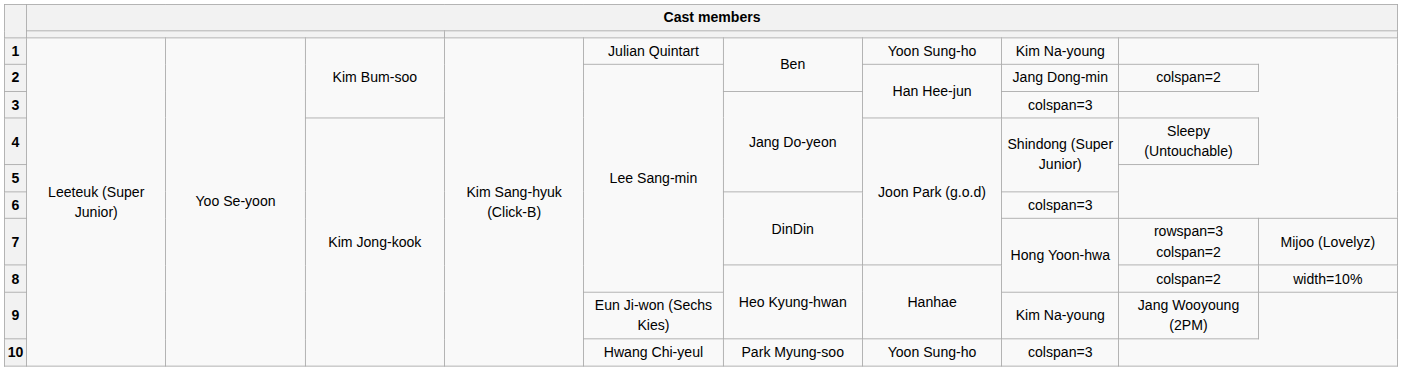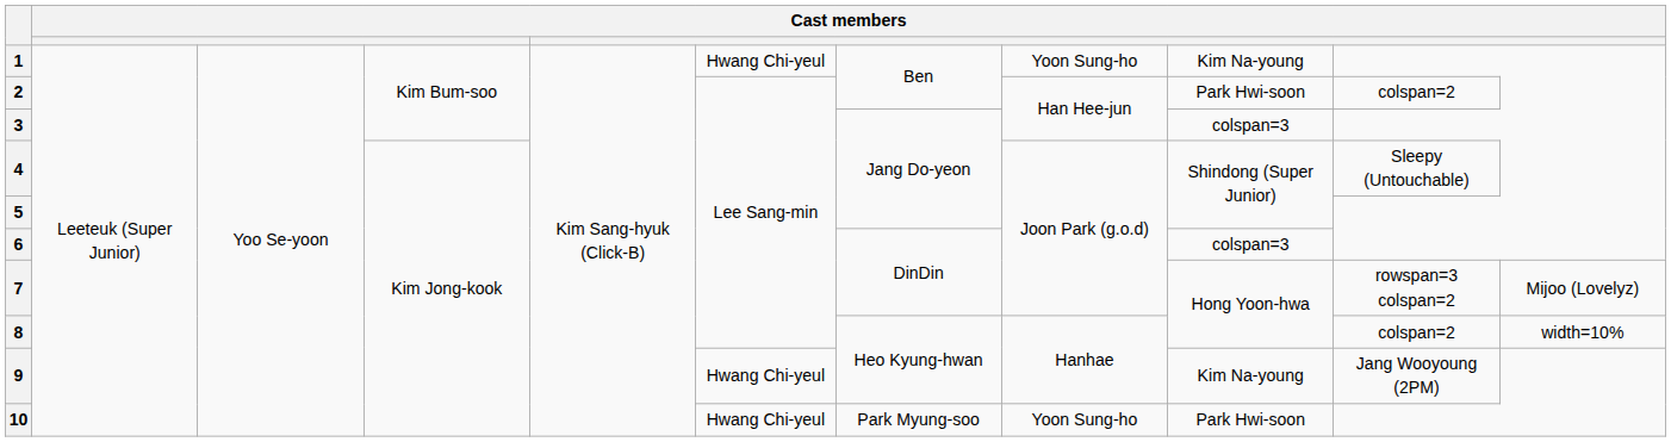 <table class="wikitable plainrowheaders" style="width:100%; text-align:center; line-height:23px;">
 <tr>
 <th rowspan=2 width=1%></th>
 <th colspan=10>Cast members </th>
 </tr>
 <tr>
 <th colspan=3></th>
 <th colspan=7></th>
 </tr>
 <tr>
 <th>1</th>
 <td rowspan=10 width=10%>Leeteuk (Super Junior)</td>
 <td rowspan=10 width=10%>Yoo Se-yoon</td>
 <td rowspan=3 width=10%>Kim Bum-soo</td>
 <td rowspan=10 width=10%>Kim Sang-hyuk (Click-B)</td>
-<td width=10%>Julian Quintart</td>
+<td>Hwang Chi-yeul</td>
 <td rowspan=2 width=10%>Ben</td>
 <td width=10%>Yoon Sung-ho</td>
 <td>Kim Na-young</td>
 </tr>
 <tr>
 <th>2</th>
 <td rowspan=7>Lee Sang-min</td>
 <td rowspan=2>Han Hee-jun</td>
-<td>Jang Dong-min</td>
+<td width=10%>Park Hwi-soon</td>
 <td>colspan=2 </td>
 </tr>
 <tr>
 <th>3</th>
 <td rowspan=3>Jang Do-yeon</td>
 <td>colspan=3 </td>
 </tr>
 <tr>
 <th>4</th>
 <td rowspan=7>Kim Jong-kook</td>
 <td rowspan=4>Joon Park (g.o.d)</td>
 <td rowspan=2>Shindong (Super Junior)</td>
 <td width=10%>Sleepy (Untouchable)</td>
 </tr>
 <tr>
 <th>5</th>
 </tr>
 <tr>
 <th>6</th>
 <td rowspan=2>DinDin</td>
 <td>colspan=3 </td>
 </tr>
 <tr>
 <th>7</th>
 <td rowspan=2>Hong Yoon-hwa</td>
 <td>rowspan=3 colspan=2 </td>
 <td width=10%>Mijoo (Lovelyz)</td>
 </tr>
 <tr>
 <th>8</th>
 <td rowspan=2>Heo Kyung-hwan</td>
 <td rowspan=2>Hanhae</td>
 <td>colspan=2 </td>
 <td>width=10% </td>
 </tr>
 <tr>
 <th>9</th>
-<td>Eun Ji-won (Sechs Kies)</td>
+<td>Hwang Chi-yeul</td>
 <td>Kim Na-young</td>
 <td>Jang Wooyoung (2PM)</td>
 </tr>
 <tr>
 <th>10</th>
 <td>Hwang Chi-yeul</td>
 <td>Park Myung-soo</td>
 <td width=10%>Yoon Sung-ho</td>
-<td>colspan=3 </td>
+<td width=10%>Park Hwi-soon</td>
 </tr>
 </table>
